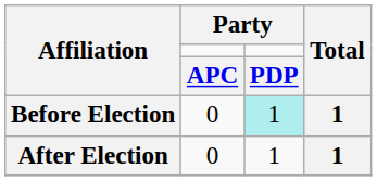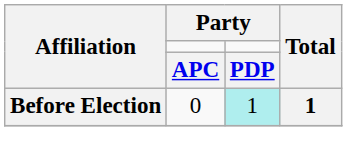 <table class="wikitable" style="text-align:center">
 <tr>
 <th rowspan="3">Affiliation</th>
 <th colspan="2">Party</th>
 <th rowspan="3">Total</th>
 </tr>
 <tr>
 <td style="background-color:"></td>
 <td style="background-color:"></td>
 </tr>
 <tr>
 <th><a href='#'>APC</a></th>
 <th><a href='#'>PDP</a></th>
 </tr>
 <tr>
 <th>Before Election</th>
 <td>0</td>
 <td style="background: paleturquoise;">1</td>
 <th>1</th>
 </tr>
 <tr>
-<th>After Election</th>
-<td>0</td>
-<td>1</td>
-<th>1</th>
-</tr>
-<tr>
 </tr>
 </table>
